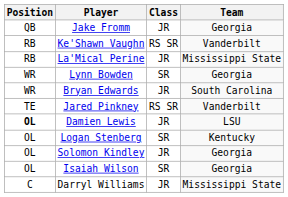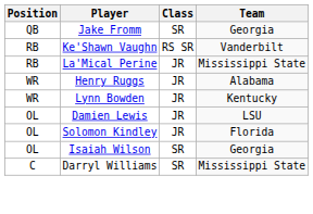 <table class="wikitable sortable">
 <tr>
 <th>Position</th>
 <th>Player</th>
 <th>Class</th>
 <th>Team</th>
 </tr>
 <tr style="text-align:center;">
 <td style="background:white">QB</td>
 <td style="background:white"><a href='#'>Jake Fromm</a></td>
-<td style="background:white">JR</td>
+<td style="background:white">SR</td>
 <td>Georgia</td>
 </tr>
 <tr style="text-align:center;">
 <td style="background:white">RB</td>
 <td style="background:white"><a href='#'>Ke'Shawn Vaughn</a></td>
 <td style="background:white">RS SR</td>
 <td>Vanderbilt</td>
 </tr>
 <tr style="text-align:center;">
 <td style="background:white">RB</td>
 <td style="background:white"><a href='#'>La'Mical Perine</a></td>
 <td style="background:white">JR</td>
 <td>Mississippi State</td>
 </tr>
 <tr style="text-align:center;">
 <td style="background:white">WR</td>
-<td style="background:white"><a href='#'>Lynn Bowden</a></td>
-<td style="background:white">SR</td>
-<td>Georgia</td>
+<td style="background:white"><a href='#'>Henry Ruggs</a></td>
+<td style="background:white">JR</td>
+<td>Alabama</td>
 </tr>
 <tr style="text-align:center;">
 <td style="background:white">WR</td>
-<td style="background:white"><a href='#'>Bryan Edwards</a></td>
+<td style="background:white"><a href='#'>Lynn Bowden</a></td>
 <td style="background:white">JR</td>
-<td>South Carolina</td>
+<td>Kentucky</td>
 </tr>
 <tr style="text-align:center;">
-<td style="background:white">TE</td>
-<td style="background:white"><a href='#'>Jared Pinkney</a></td>
-<td style="background:white">RS SR</td>
-<td>Vanderbilt</td>
-</tr>
-<tr style="text-align:center;">
-<td style="background:white"><strong>OL</strong></td>
+<td style="background:white">OL</td>
 <td style="background:white"><a href='#'>Damien Lewis</a></td>
 <td style="background:white">JR</td>
 <td>LSU</td>
 </tr>
 <tr style="text-align:center;">
 <td style="background:white">OL</td>
-<td style="background:white"><a href='#'>Logan Stenberg</a></td>
-<td style="background:white">SR</td>
-<td>Kentucky</td>
-</tr>
-<tr style="text-align:center;">
-<td style="background:white">OL</td>
 <td style="background:white"><a href='#'>Solomon Kindley</a></td>
 <td style="background:white">JR</td>
-<td>Georgia</td>
+<td>Florida</td>
 </tr>
 <tr style="text-align:center;">
 <td style="background:white">OL</td>
 <td style="background:white"><a href='#'>Isaiah Wilson</a></td>
 <td style="background:white">SR</td>
 <td>Georgia</td>
 </tr>
 <tr style="text-align:center;">
 <td style="background:white">C</td>
 <td style="background:white">Darryl Williams</td>
-<td style="background:white">JR</td>
+<td style="background:white">SR</td>
 <td>Mississippi State</td>
 </tr>
 </table>
